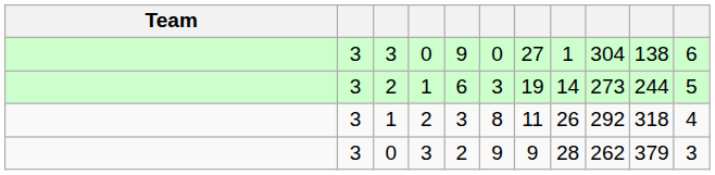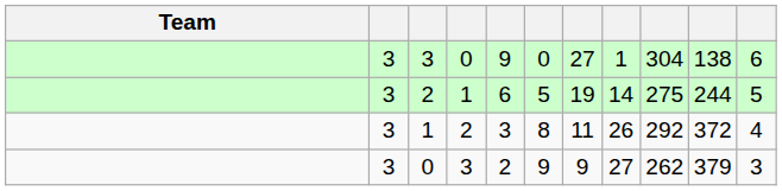 <table class=wikitable style="text-align:center">
 <tr>
 <th width=250>Team</th>
 <th width=20></th>
 <th width=20></th>
 <th width=20></th>
 <th width=20></th>
 <th width=20></th>
 <th width=20></th>
 <th width=20></th>
 <th width=20></th>
 <th width=20></th>
 <th width=20></th>
 </tr>
 <tr style="background-color:#ccffcc;">
 <td style="text-align:left;"></td>
 <td>3</td>
 <td>3</td>
 <td>0</td>
 <td>9</td>
 <td>0</td>
 <td>27</td>
 <td>1</td>
 <td>304</td>
 <td>138</td>
 <td>6</td>
 </tr>
 <tr style="background-color:#ccffcc;">
 <td style="text-align:left;"></td>
 <td>3</td>
 <td>2</td>
 <td>1</td>
 <td>6</td>
-<td>3</td>
+<td>5</td>
 <td>19</td>
 <td>14</td>
-<td>273</td>
+<td>275</td>
 <td>244</td>
 <td>5</td>
 </tr>
 <tr>
 <td style="text-align:left;"></td>
 <td>3</td>
 <td>1</td>
 <td>2</td>
 <td>3</td>
 <td>8</td>
 <td>11</td>
 <td>26</td>
 <td>292</td>
-<td>318</td>
+<td>372</td>
 <td>4</td>
 </tr>
 <tr>
 <td style="text-align:left;"></td>
 <td>3</td>
 <td>0</td>
 <td>3</td>
 <td>2</td>
 <td>9</td>
 <td>9</td>
-<td>28</td>
+<td>27</td>
 <td>262</td>
 <td>379</td>
 <td>3</td>
 </tr>
 </table>
